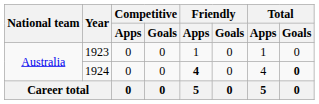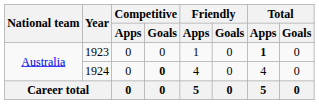 <table class="wikitable" style="text-align:center">
 <tr>
 <th rowspan="2">National team</th>
 <th rowspan="2">Year</th>
 <th colspan="2">Competitive</th>
 <th colspan="2">Friendly</th>
 <th colspan="2">Total</th>
 </tr>
 <tr>
 <th>Apps</th>
 <th>Goals</th>
 <th>Apps</th>
 <th>Goals</th>
 <th>Apps</th>
 <th>Goals</th>
 </tr>
 <tr>
 <td rowspan="2"><a href='#'>Australia</a></td>
 <td>1923</td>
 <td>0</td>
 <td>0</td>
 <td>1</td>
 <td>0</td>
-<td>1</td>
+<td><strong>1</strong></td>
 <td>0</td>
 </tr>
 <tr>
 <td>1924</td>
 <td>0</td>
-<td>0</td>
-<td><strong>4</strong></td>
+<td><strong>0</strong></td>
+<td>4</td>
 <td>0</td>
 <td>4</td>
-<td><strong>0</strong></td>
+<td>0</td>
 </tr>
 <tr>
 <th colspan=2>Career total</th>
 <th>0</th>
 <th>0</th>
 <th>5</th>
 <th>0</th>
 <th>5</th>
 <th>0</th>
 </tr>
 </table>
